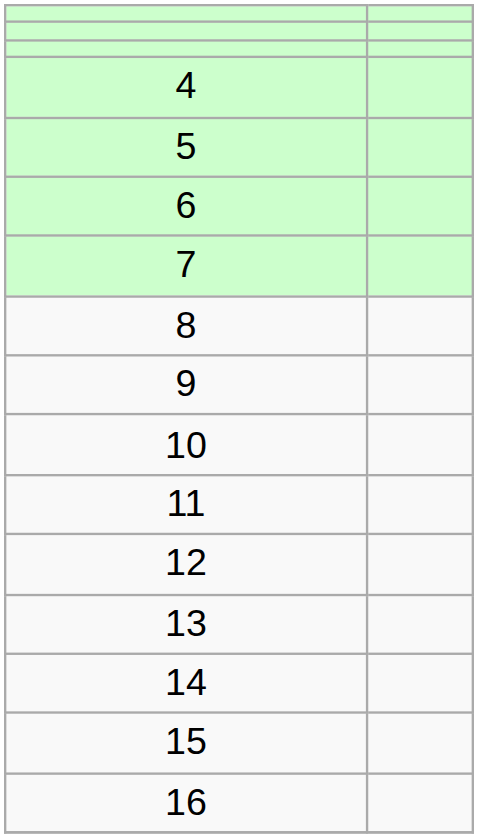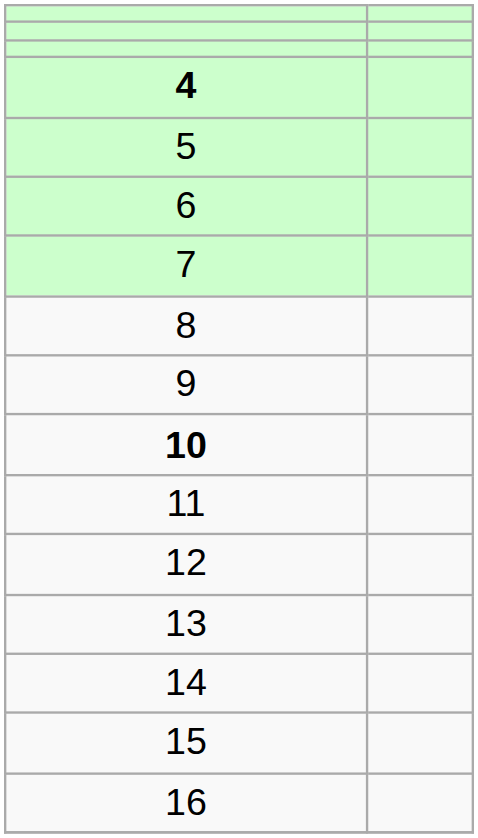 <table class="wikitable" width="200px">
 <tr bgcolor=#CCFFCC>
 <td align=center></td>
 <td></td>
 </tr>
 <tr bgcolor=#CCFFCC>
 <td align=center></td>
 <td></td>
 </tr>
 <tr bgcolor=#CCFFCC>
 <td align=center></td>
 <td></td>
 </tr>
 <tr bgcolor=#CCFFCC>
-<td align=center>4</td>
+<td align=center><strong>4</strong></td>
 <td></td>
 </tr>
 <tr bgcolor=#CCFFCC>
 <td align=center>5</td>
 <td></td>
 </tr>
 <tr bgcolor=#CCFFCC>
 <td align=center>6</td>
 <td></td>
 </tr>
 <tr bgcolor=#CCFFCC>
 <td align=center>7</td>
 <td></td>
 </tr>
 <tr>
 <td align=center>8</td>
 <td></td>
 </tr>
 <tr>
 <td align=center>9</td>
 <td></td>
 </tr>
 <tr>
-<td align=center>10</td>
+<td align=center><strong>10</strong></td>
 <td></td>
 </tr>
 <tr>
 <td align=center>11</td>
 <td></td>
 </tr>
 <tr>
 <td align=center>12</td>
 <td></td>
 </tr>
 <tr>
 <td align=center>13</td>
 <td></td>
 </tr>
 <tr>
 <td align=center>14</td>
 <td></td>
 </tr>
 <tr>
 <td align=center>15</td>
 <td></td>
 </tr>
 <tr>
 <td align=center>16</td>
 <td></td>
 </tr>
 <tr>
 </tr>
 </table>
